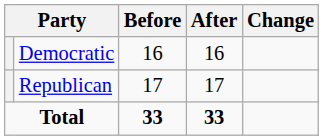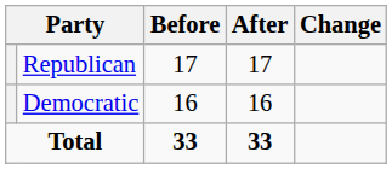 <table class="wikitable" style="text-align:center;">
 <tr>
 <th colspan="2">Party</th>
 <th>Before</th>
 <th>After</th>
 <th>Change</th>
 </tr>
 <tr>
 <th style="background-color:"></th>
-<td style="text-align:left;"><a href='#'>Democratic</a></td>
-<td>16</td>
-<td>16</td>
+<td style="text-align:left;"><a href='#'>Republican</a></td>
+<td>17</td>
+<td>17</td>
 <td></td>
 </tr>
 <tr>
 <th style="background-color:"></th>
-<td style="text-align:left;"><a href='#'>Republican</a></td>
-<td>17</td>
-<td>17</td>
+<td style="text-align:left;"><a href='#'>Democratic</a></td>
+<td>16</td>
+<td>16</td>
 <td></td>
 </tr>
 <tr>
 <td colspan="2"><strong>Total</strong></td>
 <td><strong>33</strong></td>
 <td><strong>33</strong></td>
 <td></td>
 </tr>
 </table>
